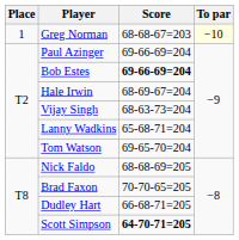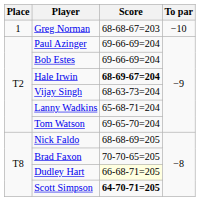 <table class="wikitable">
 <tr>
 <th>Place</th>
 <th>Player</th>
 <th>Score</th>
 <th>To par</th>
 </tr>
 <tr>
 <td align=center>1</td>
 <td> <a href='#'>Greg Norman</a></td>
 <td>68-68-67=203</td>
-<td align=center style="background: lightyellow;">−10</td>
+<td align=center>−10</td>
 </tr>
 <tr>
 <td rowspan="6" align=center>T2</td>
 <td> <a href='#'>Paul Azinger</a></td>
 <td align=center>69-66-69=204</td>
 <td rowspan="6" align=center>−9</td>
 </tr>
 <tr>
 <td> <a href='#'>Bob Estes</a></td>
-<td align=center><strong>69-66-69=204</strong></td>
+<td align=center>69-66-69=204</td>
 </tr>
 <tr>
 <td> <a href='#'>Hale Irwin</a></td>
-<td align=center>68-69-67=204</td>
+<td align=center><strong>68-69-67=204</strong></td>
 </tr>
 <tr>
 <td> <a href='#'>Vijay Singh</a></td>
 <td align=center>68-63-73=204</td>
 </tr>
 <tr>
 <td> <a href='#'>Lanny Wadkins</a></td>
 <td align=center>65-68-71=204</td>
 </tr>
 <tr>
 <td> <a href='#'>Tom Watson</a></td>
 <td align=center>69-65-70=204</td>
 </tr>
 <tr>
 <td rowspan="4" align=center>T8</td>
 <td> <a href='#'>Nick Faldo</a></td>
 <td align=center>68-68-69=205</td>
 <td rowspan="4" align=center>−8</td>
 </tr>
 <tr>
 <td> <a href='#'>Brad Faxon</a></td>
 <td align=center>70-70-65=205</td>
 </tr>
 <tr>
 <td> <a href='#'>Dudley Hart</a></td>
-<td align=center>66-68-71=205</td>
+<td align=center style="background: lightyellow;">66-68-71=205</td>
 </tr>
 <tr>
 <td> <a href='#'>Scott Simpson</a></td>
 <td align=center><strong>64-70-71=205</strong></td>
 </tr>
 </table>
